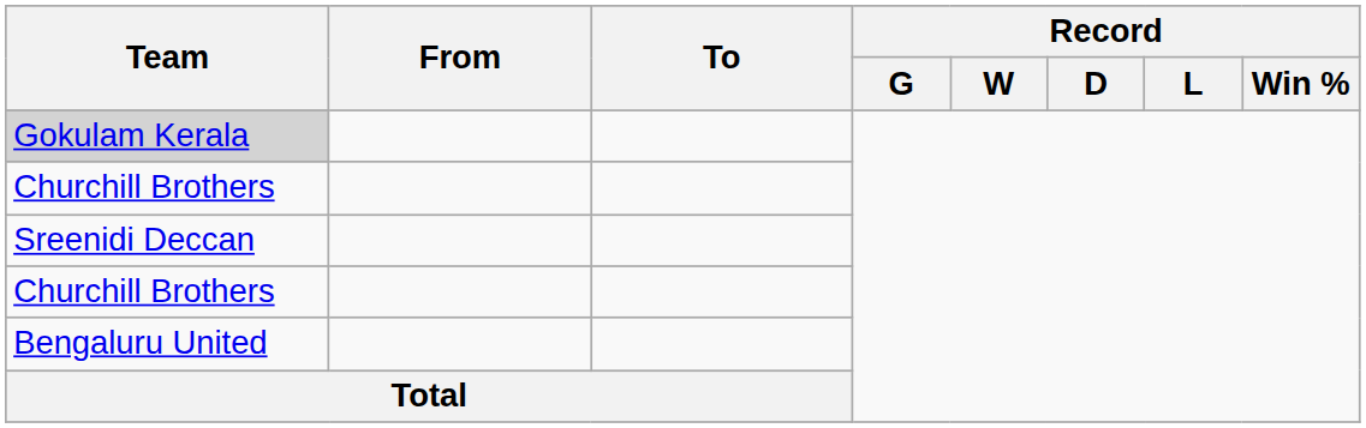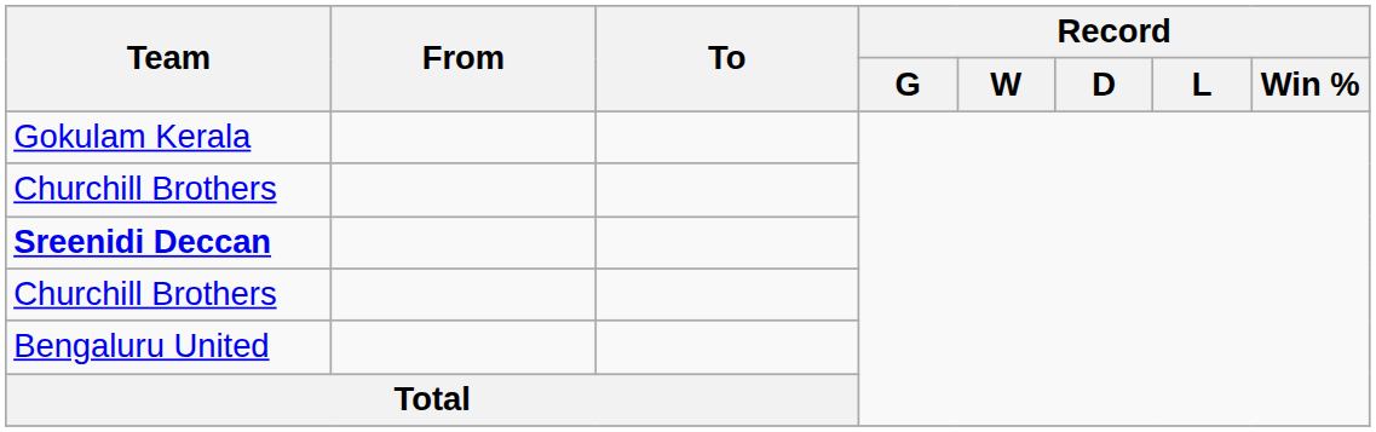 <table class="wikitable" style="text-align: center">
 <tr>
 <th rowspan=2! width=150>Team</th>
 <th rowspan=2! width=120>From</th>
 <th rowspan=2! width=120>To</th>
 <th colspan=7>Record</th>
 </tr>
 <tr>
 <th width=40>G</th>
 <th width=40>W</th>
 <th width=40>D</th>
 <th width=40>L</th>
 <th width=50>Win %</th>
 </tr>
 <tr>
-<td align=left style="background: lightgrey;"><a href='#'>Gokulam Kerala</a></td>
+<td align=left><a href='#'>Gokulam Kerala</a></td>
 <td align=left></td>
 <td align=left><br></td>
 </tr>
 <tr>
 <td align=left><a href='#'>Churchill Brothers</a></td>
 <td align=left></td>
 <td align=left><br></td>
 </tr>
 <tr>
-<td align=left><a href='#'>Sreenidi Deccan</a></td>
+<td align=left><strong><a href='#'>Sreenidi Deccan</a></strong></td>
 <td align=left></td>
 <td align=left><br></td>
 </tr>
 <tr>
 <td align=left><a href='#'>Churchill Brothers</a></td>
 <td align=left></td>
 <td align=left><br></td>
 </tr>
 <tr>
 <td align=left><a href='#'>Bengaluru United</a></td>
 <td align=left></td>
 <td align=left><br></td>
 </tr>
 <tr>
 <th colspan="3">Total<br></th>
 </tr>
 </table>
